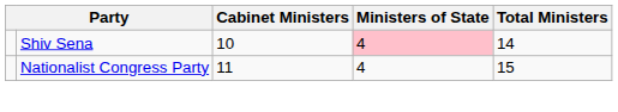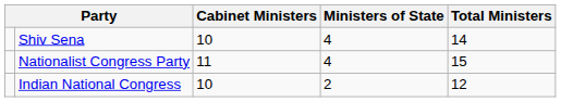 <table class="wikitable">
 <tr>
 <th colspan="2">Party</th>
 <th>Cabinet Ministers</th>
 <th>Ministers of State</th>
 <th>Total Ministers</th>
 </tr>
 <tr>
 <td width="4px"></td>
 <td><a href='#'>Shiv Sena</a></td>
 <td>10</td>
-<td style="background: pink;">4</td>
+<td>4</td>
 <td>14</td>
 </tr>
 <tr>
 <td width="4px"></td>
 <td><a href='#'>Nationalist Congress Party</a></td>
 <td>11</td>
 <td>4</td>
 <td>15</td>
 </tr>
+<tr>
+<td width="4px"></td>
+<td><a href='#'>Indian National Congress</a></td>
+<td>10</td>
+<td>2</td>
+<td>12</td>
+</tr>
 </table>
